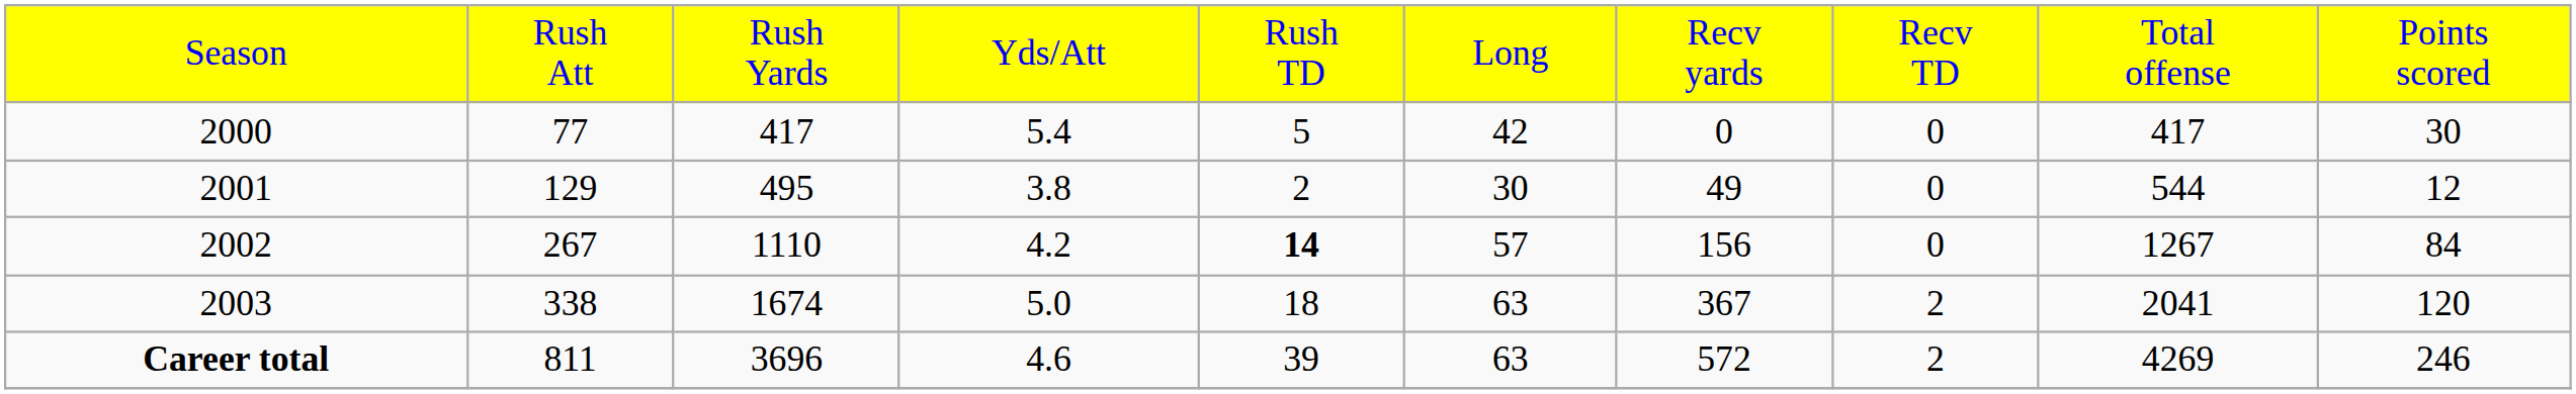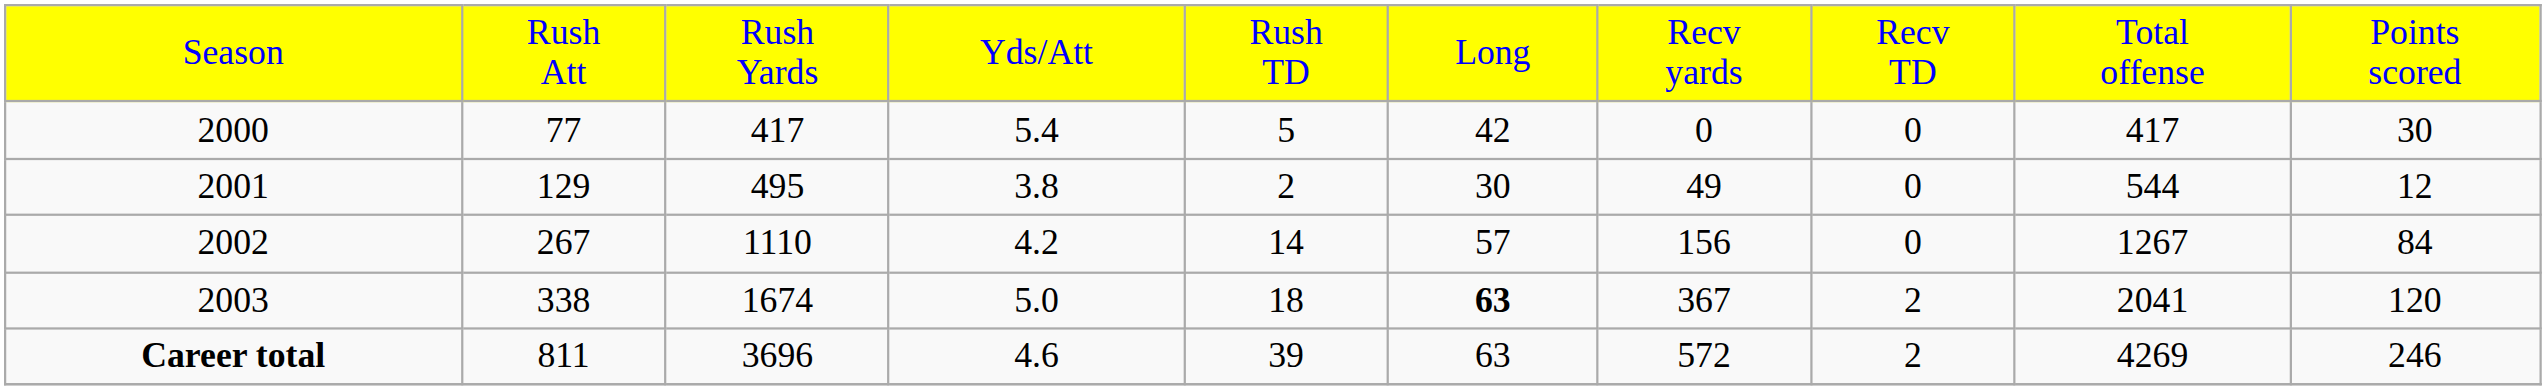 <table class="wikitable" width="90%">
 <tr align="center"  style="background:yellow;color:blue;">
 <td>Season</td>
 <td>Rush<br>Att</td>
 <td>Rush<br>Yards</td>
 <td>Yds/Att</td>
 <td>Rush<br>TD</td>
 <td>Long</td>
 <td>Recv<br>yards</td>
 <td>Recv<br>TD</td>
 <td>Total<br>offense</td>
 <td>Points<br>scored</td>
 </tr>
 <tr align="center" bgcolor="">
 <td>2000</td>
 <td>77</td>
 <td>417</td>
 <td>5.4</td>
 <td>5</td>
 <td>42</td>
 <td>0</td>
 <td>0</td>
 <td>417</td>
 <td>30</td>
 </tr>
 <tr align="center" bgcolor="">
 <td>2001</td>
 <td>129</td>
 <td>495</td>
 <td>3.8</td>
 <td>2</td>
 <td>30</td>
 <td>49</td>
 <td>0</td>
 <td>544</td>
 <td>12</td>
 </tr>
 <tr align="center" bgcolor="">
 <td>2002</td>
 <td>267</td>
 <td>1110</td>
 <td>4.2</td>
-<td><strong>14</strong></td>
+<td>14</td>
 <td>57</td>
 <td>156</td>
 <td>0</td>
 <td>1267</td>
 <td>84</td>
 </tr>
 <tr align="center" bgcolor="">
 <td>2003</td>
 <td>338</td>
 <td>1674</td>
 <td>5.0</td>
 <td>18</td>
-<td>63</td>
+<td><strong>63</strong></td>
 <td>367</td>
 <td>2</td>
 <td>2041</td>
 <td>120</td>
 </tr>
 <tr align="center" bgcolor="">
 <td><strong>Career total</strong></td>
 <td>811</td>
 <td>3696</td>
 <td>4.6</td>
 <td>39</td>
 <td>63</td>
 <td>572</td>
 <td>2</td>
 <td>4269</td>
 <td>246</td>
 </tr>
 <tr align="center" bgcolor="">
 </tr>
 </table>
